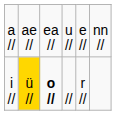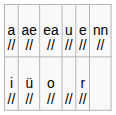 <table class=wikitable>
 <tr align=center>
 <td><br>a<br>//</td>
 <td><br>ae<br>//</td>
 <td><br>ea<br>//</td>
 <td><br>u<br>//</td>
 <td><br>e<br>//</td>
 <td><br>nn<br>//</td>
 </tr>
 <tr align=center>
 <td><br>i<br>//</td>
-<td style="background: gold;"><br>ü<br>//</td>
-<td><strong><br>o<br>//</strong></td>
+<td><br>ü<br>//</td>
+<td><br>o<br>//</td>
 <td><br><br>//</td>
 <td><br>r<br>//</td>
 <td></td>
 </tr>
 </table>
